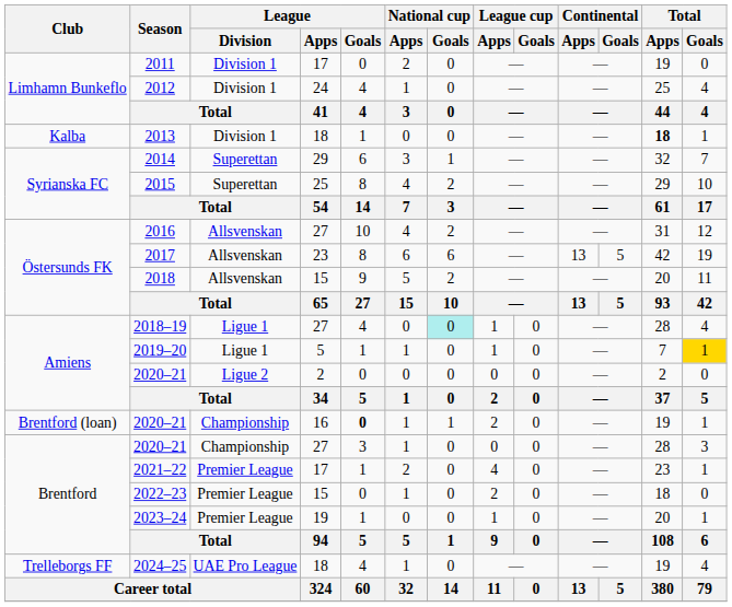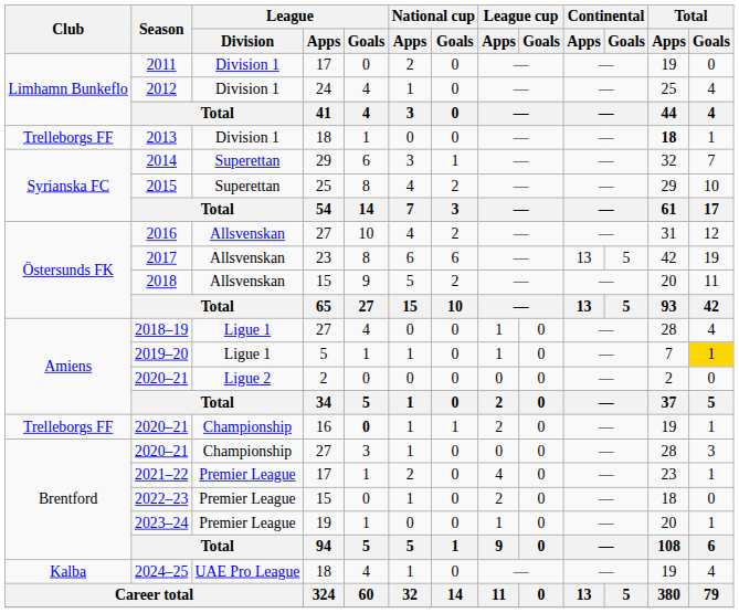 <table class="wikitable" style="text-align:center">
 <tr>
 <th rowspan="2">Club</th>
 <th rowspan="2">Season</th>
 <th colspan="3">League</th>
 <th colspan="2">National cup</th>
 <th colspan="2">League cup</th>
 <th colspan="2">Continental</th>
 <th colspan="2">Total</th>
 </tr>
 <tr>
 <th>Division</th>
 <th>Apps</th>
 <th>Goals</th>
 <th>Apps</th>
 <th>Goals</th>
 <th>Apps</th>
 <th>Goals</th>
 <th>Apps</th>
 <th>Goals</th>
 <th>Apps</th>
 <th>Goals</th>
 </tr>
 <tr>
 <td rowspan="3"><a href='#'>Limhamn Bunkeflo</a></td>
 <td><a href='#'>2011</a></td>
 <td><a href='#'>Division 1</a></td>
 <td>17</td>
 <td>0</td>
 <td>2</td>
 <td>0</td>
 <td colspan="2">—</td>
 <td colspan="2">—</td>
 <td>19</td>
 <td>0</td>
 </tr>
 <tr>
 <td><a href='#'>2012</a></td>
 <td>Division 1</td>
 <td>24</td>
 <td>4</td>
 <td>1</td>
 <td>0</td>
 <td colspan="2">—</td>
 <td colspan="2">—</td>
 <td>25</td>
 <td>4</td>
 </tr>
 <tr>
 <th colspan="2">Total</th>
 <th>41</th>
 <th>4</th>
 <th>3</th>
 <th>0</th>
 <th colspan="2">—</th>
 <th colspan="2">—</th>
 <th>44</th>
 <th>4</th>
 </tr>
 <tr>
-<td><a href='#'>Kalba</a></td>
+<td><a href='#'>Trelleborgs FF</a></td>
 <td><a href='#'>2013</a></td>
 <td>Division 1</td>
 <td>18</td>
 <td>1</td>
 <td>0</td>
 <td>0</td>
 <td colspan="2">—</td>
 <td colspan="2">—</td>
 <td><strong>18</strong></td>
 <td>1</td>
 </tr>
 <tr>
 <td rowspan="3"><a href='#'>Syrianska FC</a></td>
 <td><a href='#'>2014</a></td>
 <td><a href='#'>Superettan</a></td>
 <td>29</td>
 <td>6</td>
 <td>3</td>
 <td>1</td>
 <td colspan="2">—</td>
 <td colspan="2">—</td>
 <td>32</td>
 <td>7</td>
 </tr>
 <tr>
 <td><a href='#'>2015</a></td>
 <td>Superettan</td>
 <td>25</td>
 <td>8</td>
 <td>4</td>
 <td>2</td>
 <td colspan="2">—</td>
 <td colspan="2">—</td>
 <td>29</td>
 <td>10</td>
 </tr>
 <tr>
 <th colspan="2">Total</th>
 <th>54</th>
 <th>14</th>
 <th>7</th>
 <th>3</th>
 <th colspan="2">—</th>
 <th colspan="2">—</th>
 <th>61</th>
 <th>17</th>
 </tr>
 <tr>
 <td rowspan="4"><a href='#'>Östersunds FK</a></td>
 <td><a href='#'>2016</a></td>
 <td><a href='#'>Allsvenskan</a></td>
 <td>27</td>
 <td>10</td>
 <td>4</td>
 <td>2</td>
 <td colspan="2">—</td>
 <td colspan="2">—</td>
 <td>31</td>
 <td>12</td>
 </tr>
 <tr>
 <td><a href='#'>2017</a></td>
 <td>Allsvenskan</td>
 <td>23</td>
 <td>8</td>
 <td>6</td>
 <td>6</td>
 <td colspan="2">—</td>
 <td>13</td>
 <td>5</td>
 <td>42</td>
 <td>19</td>
 </tr>
 <tr>
 <td><a href='#'>2018</a></td>
 <td>Allsvenskan</td>
 <td>15</td>
 <td>9</td>
 <td>5</td>
 <td>2</td>
 <td colspan="2">—</td>
 <td colspan="2">—</td>
 <td>20</td>
 <td>11</td>
 </tr>
 <tr>
 <th colspan="2">Total</th>
 <th>65</th>
 <th>27</th>
 <th>15</th>
 <th>10</th>
 <th colspan="2">—</th>
 <th>13</th>
 <th>5</th>
 <th>93</th>
 <th>42</th>
 </tr>
 <tr>
 <td rowspan="4"><a href='#'>Amiens</a></td>
 <td><a href='#'>2018–19</a></td>
 <td><a href='#'>Ligue 1</a></td>
 <td>27</td>
 <td>4</td>
 <td>0</td>
-<td style="background: paleturquoise;">0</td>
+<td>0</td>
 <td>1</td>
 <td>0</td>
 <td colspan="2">—</td>
 <td>28</td>
 <td>4</td>
 </tr>
 <tr>
 <td><a href='#'>2019–20</a></td>
 <td>Ligue 1</td>
 <td>5</td>
 <td>1</td>
 <td>1</td>
 <td>0</td>
 <td>1</td>
 <td>0</td>
 <td colspan="2">—</td>
 <td>7</td>
 <td style="background: gold;">1</td>
 </tr>
 <tr>
 <td><a href='#'>2020–21</a></td>
 <td><a href='#'>Ligue 2</a></td>
 <td>2</td>
 <td>0</td>
 <td>0</td>
 <td>0</td>
 <td>0</td>
 <td>0</td>
 <td colspan="2">—</td>
 <td>2</td>
 <td>0</td>
 </tr>
 <tr>
 <th colspan="2">Total</th>
 <th>34</th>
 <th>5</th>
 <th>1</th>
 <th>0</th>
 <th>2</th>
 <th>0</th>
 <th colspan="2">—</th>
 <th>37</th>
 <th>5</th>
 </tr>
 <tr>
-<td><a href='#'>Brentford</a> (loan)</td>
+<td><a href='#'>Trelleborgs FF</a></td>
 <td><a href='#'>2020–21</a></td>
 <td><a href='#'>Championship</a></td>
 <td>16</td>
 <td><strong>0</strong></td>
 <td>1</td>
 <td>1</td>
 <td>2</td>
 <td>0</td>
 <td colspan="2">—</td>
 <td>19</td>
 <td>1</td>
 </tr>
 <tr>
 <td rowspan="5">Brentford</td>
 <td><a href='#'>2020–21</a></td>
 <td>Championship</td>
 <td>27</td>
 <td>3</td>
 <td>1</td>
 <td>0</td>
 <td>0</td>
 <td>0</td>
 <td colspan="2">—</td>
 <td>28</td>
 <td>3</td>
 </tr>
 <tr>
 <td><a href='#'>2021–22</a></td>
 <td><a href='#'>Premier League</a></td>
 <td>17</td>
 <td>1</td>
 <td>2</td>
 <td>0</td>
 <td>4</td>
 <td>0</td>
 <td colspan="2">—</td>
 <td>23</td>
 <td>1</td>
 </tr>
 <tr>
 <td><a href='#'>2022–23</a></td>
 <td>Premier League</td>
 <td>15</td>
 <td>0</td>
 <td>1</td>
 <td>0</td>
 <td>2</td>
 <td>0</td>
 <td colspan="2">—</td>
 <td>18</td>
 <td>0</td>
 </tr>
 <tr>
 <td><a href='#'>2023–24</a></td>
 <td>Premier League</td>
 <td>19</td>
 <td>1</td>
 <td>0</td>
 <td>0</td>
 <td>1</td>
 <td>0</td>
 <td colspan="2">—</td>
 <td>20</td>
 <td>1</td>
 </tr>
 <tr>
 <th colspan="2">Total</th>
 <th>94</th>
 <th>5</th>
 <th>5</th>
 <th>1</th>
 <th>9</th>
 <th>0</th>
 <th colspan="2">—</th>
 <th>108</th>
 <th>6</th>
 </tr>
 <tr>
-<td><a href='#'>Trelleborgs FF</a></td>
+<td><a href='#'>Kalba</a></td>
 <td><a href='#'>2024–25</a></td>
 <td><a href='#'>UAE Pro League</a></td>
 <td>18</td>
 <td>4</td>
 <td>1</td>
 <td>0</td>
 <td colspan="2">—</td>
 <td colspan="2">—</td>
 <td>19</td>
 <td>4</td>
 </tr>
 <tr>
 <th colspan="3">Career total</th>
 <th>324</th>
 <th>60</th>
 <th>32</th>
 <th>14</th>
 <th>11</th>
 <th>0</th>
 <th>13</th>
 <th>5</th>
 <th>380</th>
 <th>79</th>
 </tr>
 <tr>
 </tr>
 </table>
